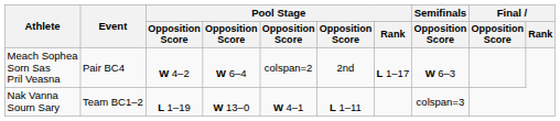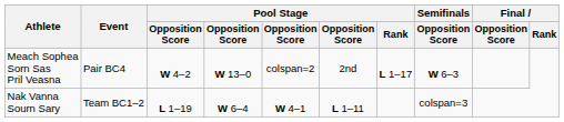 <table class="wikitable" style="font-size:90%">
 <tr>
 <th rowspan=2>Athlete</th>
 <th rowspan=2>Event</th>
 <th colspan=5>Pool Stage</th>
 <th>Semifinals</th>
 <th colspan=2>Final / </th>
 </tr>
 <tr style="font-size:95%">
 <th>Opposition<br>Score</th>
 <th>Opposition<br>Score</th>
 <th>Opposition<br>Score</th>
 <th>Opposition<br>Score</th>
 <th>Rank</th>
 <th>Opposition<br>Score</th>
 <th>Opposition<br>Score</th>
 <th>Rank</th>
 </tr>
 <tr style="text-align:center">
 <td style="text-align:left">Meach Sophea<br>Sorn Sas<br>Pril Veasna</td>
 <td style="text-align:left">Pair BC4</td>
 <td><br><strong>W</strong> 4–2</td>
-<td><br><strong>W</strong> 6–4</td>
+<td><br><strong>W</strong> 13–0</td>
 <td>colspan=2 </td>
 <td>2nd</td>
 <td><br><strong>L</strong> 1–17</td>
 <td><br><strong>W</strong> 6–3</td>
 <td></td>
 </tr>
 <tr style="text-align:center">
 <td style="text-align:left">Nak Vanna<br>Sourn Sary</td>
 <td style="text-align:left">Team BC1–2</td>
 <td><br><strong>L</strong> 1–19</td>
-<td><br><strong>W</strong> 13–0</td>
+<td><br><strong>W</strong> 6–4</td>
 <td><br><strong>W</strong> 4–1</td>
 <td><br><strong>L</strong> 1–11</td>
 <td></td>
 <td>colspan=3 </td>
 </tr>
 </table>
